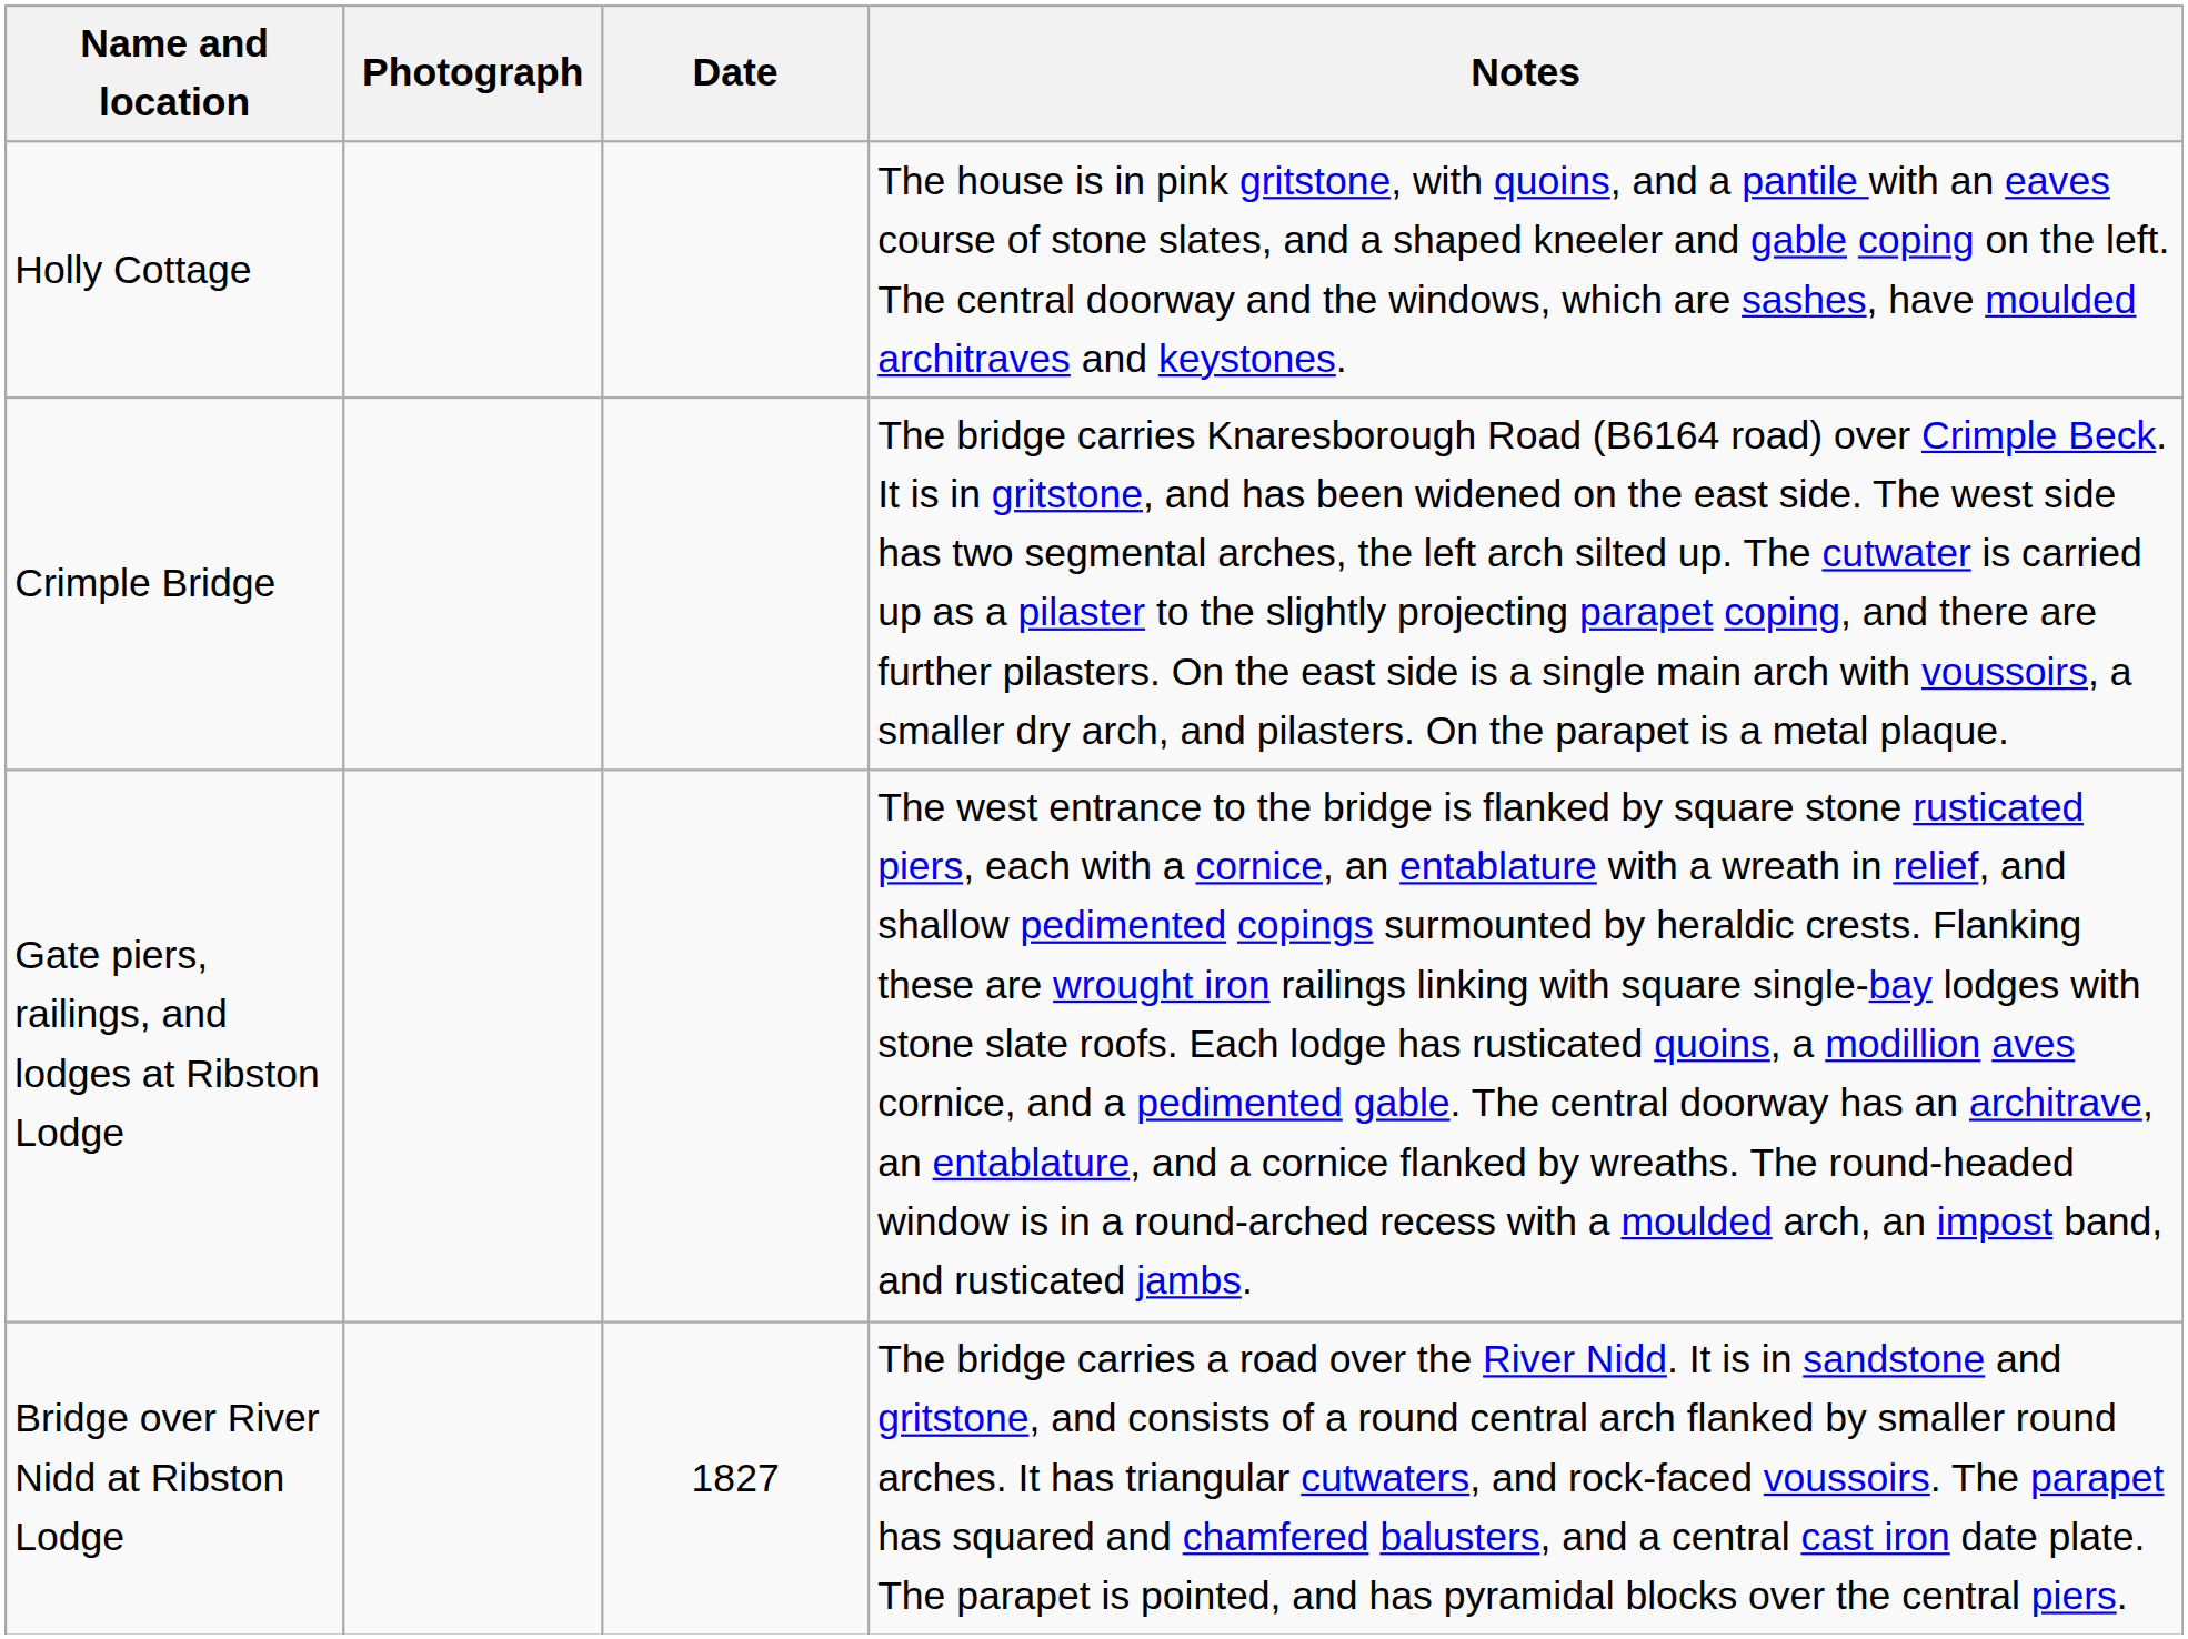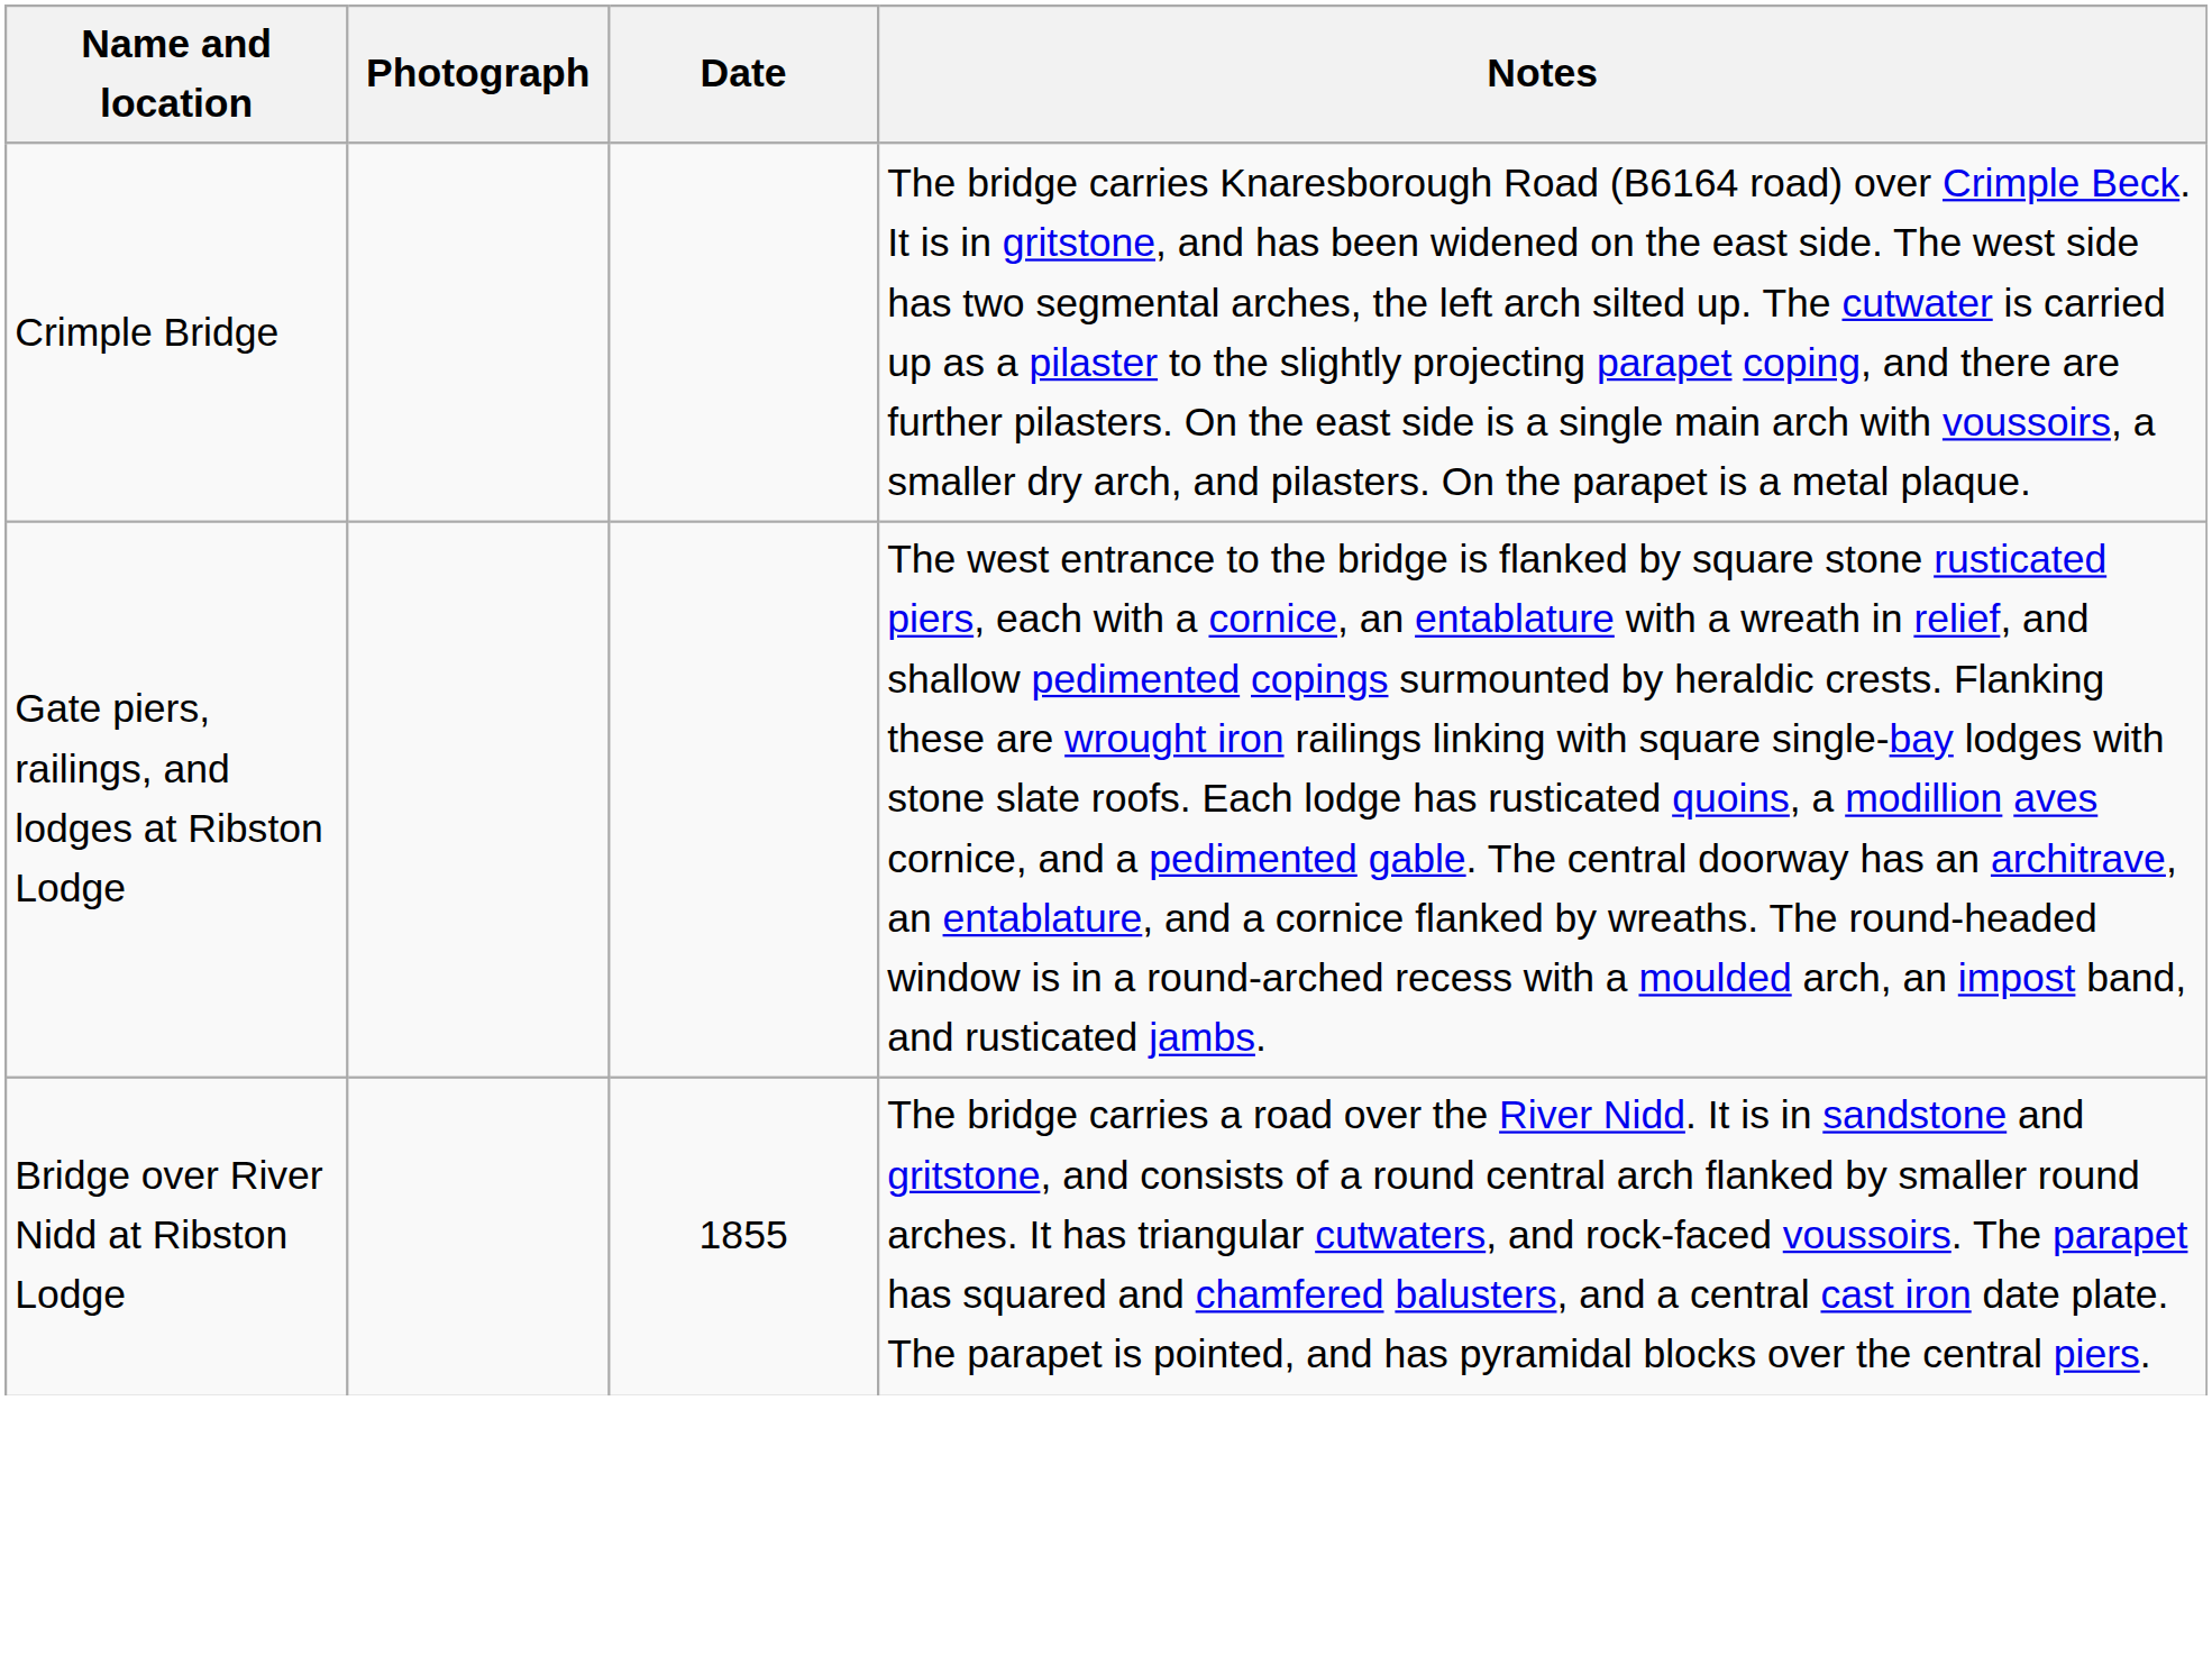 <table class="wikitable sortable plainrowheaders" style="width:100%;border:0px;text-align:left;line-height:150%;">
 <tr>
 <th scope="col"  style="width:150px">Name and location</th>
 <th scope="col"  style="width:100px" class="unsortable">Photograph</th>
 <th scope="col"  style="width:120px">Date</th>
 <th scope="col"  style="width:650px" class="unsortable">Notes</th>
-</tr>
-<tr>
-<td>Holly Cottage<br><small></small></td>
-<td></td>
-<td align="center"></td>
-<td>The house is in pink <a href='#'>gritstone</a>, with <a href='#'>quoins</a>, and a <a href='#'>pantile </a> with an <a href='#'>eaves</a> course of stone slates, and a shaped kneeler and <a href='#'>gable</a> <a href='#'>coping</a> on the left. The central doorway and the windows, which are <a href='#'>sashes</a>, have <a href='#'>moulded</a> <a href='#'>architraves</a> and <a href='#'>keystones</a>.</td>
 </tr>
 <tr>
 <td>Crimple Bridge<br><small></small></td>
 <td></td>
 <td align="center"></td>
 <td>The bridge carries Knaresborough Road (B6164 road) over <a href='#'>Crimple Beck</a>. It is in <a href='#'>gritstone</a>, and has been widened on the east side.  The west side has two segmental arches, the left arch silted up. The <a href='#'>cutwater</a> is carried up as a <a href='#'>pilaster</a> to the slightly projecting <a href='#'>parapet</a> <a href='#'>coping</a>, and there are further pilasters. On the east side is a single main arch with <a href='#'>voussoirs</a>, a smaller dry arch, and pilasters. On the parapet is a metal plaque.</td>
 </tr>
 <tr>
 <td>Gate piers, railings, and lodges at Ribston Lodge<br><small></small></td>
 <td></td>
 <td align="center"></td>
 <td>The west entrance to the bridge is flanked by square stone <a href='#'>rusticated</a> <a href='#'>piers</a>, each with a <a href='#'>cornice</a>, an <a href='#'>entablature</a> with a wreath in <a href='#'>relief</a>, and shallow <a href='#'>pedimented</a> <a href='#'>copings</a> surmounted by heraldic crests. Flanking these are <a href='#'>wrought iron</a> railings linking with square single-<a href='#'>bay</a> lodges with stone slate roofs. Each lodge has rusticated <a href='#'>quoins</a>, a <a href='#'>modillion</a> <a href='#'>aves</a> cornice, and a <a href='#'>pedimented</a> <a href='#'>gable</a>. The central doorway has an <a href='#'>architrave</a>, an <a href='#'>entablature</a>, and a cornice flanked by wreaths. The round-headed window is in a round-arched recess with a <a href='#'>moulded</a> arch, an <a href='#'>impost</a> band, and rusticated <a href='#'>jambs</a>.</td>
 </tr>
 <tr>
 <td>Bridge over River Nidd at Ribston Lodge<br><small></small></td>
 <td></td>
-<td align="center">1827</td>
+<td align="center">1855</td>
 <td>The bridge carries a road over the <a href='#'>River Nidd</a>. It is in <a href='#'>sandstone</a> and <a href='#'>gritstone</a>, and consists of a round central arch flanked by smaller round arches. It has triangular <a href='#'>cutwaters</a>, and rock-faced <a href='#'>voussoirs</a>. The <a href='#'>parapet</a> has squared and <a href='#'>chamfered</a> <a href='#'>balusters</a>, and a central <a href='#'>cast iron</a> date plate. The parapet is pointed, and has pyramidal blocks over the central <a href='#'>piers</a>.</td>
 </tr>
 <tr>
 </tr>
 </table>
